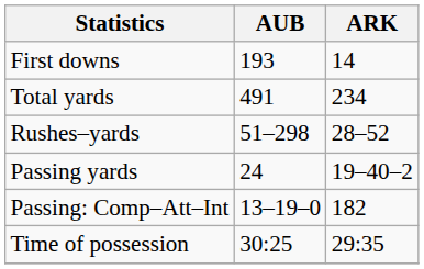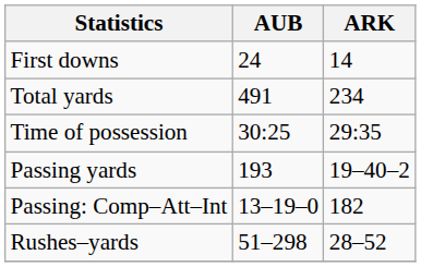 <table class="wikitable" style="float: left;">
 <tr>
 <th>Statistics</th>
 <th>AUB</th>
 <th>ARK</th>
 </tr>
 <tr>
 <td>First downs</td>
-<td>193</td>
+<td>24</td>
 <td>14</td>
 </tr>
 <tr>
 <td>Total yards</td>
 <td>491</td>
 <td>234</td>
 </tr>
 <tr>
-<td>Rushes–yards</td>
-<td>51–298</td>
-<td>28–52</td>
+<td>Time of possession</td>
+<td>30:25</td>
+<td>29:35</td>
 </tr>
 <tr>
 <td>Passing yards</td>
-<td>24</td>
+<td>193</td>
 <td>19–40–2</td>
 </tr>
 <tr>
 <td>Passing: Comp–Att–Int</td>
 <td>13–19–0</td>
 <td>182</td>
 </tr>
 <tr>
-<td>Time of possession</td>
-<td>30:25</td>
-<td>29:35</td>
+<td>Rushes–yards</td>
+<td>51–298</td>
+<td>28–52</td>
 </tr>
 <tr>
 </tr>
 </table>
